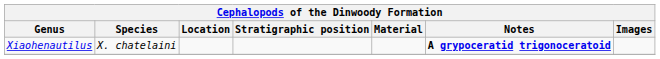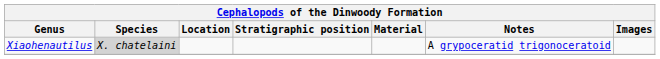 <table class="wikitable" align="center">
 <tr>
 <th colspan="7" align="center"><a href='#'>Cephalopods</a> of the Dinwoody Formation</th>
 </tr>
 <tr>
 <th>Genus</th>
 <th>Species</th>
 <th>Location</th>
 <th>Stratigraphic position</th>
 <th>Material</th>
 <th>Notes</th>
 <th>Images</th>
 </tr>
 <tr>
 <td><em><a href='#'>Xiaohenautilus</a></em></td>
-<td><em>X. chatelaini</em></td>
+<td style="background: lightgrey;"><em>X. chatelaini</em></td>
 <td></td>
 <td></td>
 <td></td>
-<td><strong>A <a href='#'>grypoceratid</a> <a href='#'>trigonoceratoid</a></strong></td>
+<td>A <a href='#'>grypoceratid</a> <a href='#'>trigonoceratoid</a></td>
 <td></td>
 </tr>
 <tr>
 </tr>
 </table>
